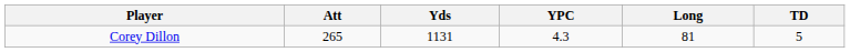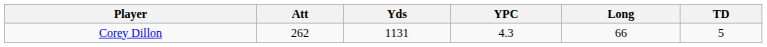 <table class="wikitable" width="80%" style="text-align:center">
 <tr>
 <th>Player</th>
 <th>Att</th>
 <th>Yds</th>
 <th>YPC</th>
 <th>Long</th>
 <th>TD</th>
 </tr>
 <tr>
 <td><a href='#'>Corey Dillon</a></td>
-<td>265</td>
+<td>262</td>
 <td>1131</td>
 <td>4.3</td>
-<td>81</td>
+<td>66</td>
 <td>5</td>
 </tr>
 </table>
